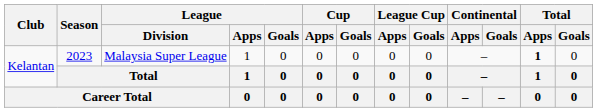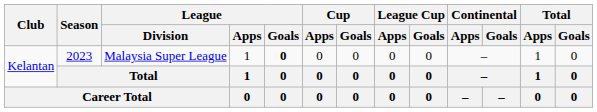 <table class=wikitable style="text-align:center">
 <tr>
 <th rowspan=2>Club</th>
 <th rowspan=2>Season</th>
 <th colspan=3>League</th>
 <th colspan=2>Cup</th>
 <th colspan=2>League Cup</th>
 <th colspan=2>Continental</th>
 <th colspan=2>Total</th>
 </tr>
 <tr>
 <th>Division</th>
 <th>Apps</th>
 <th>Goals</th>
 <th>Apps</th>
 <th>Goals</th>
 <th>Apps</th>
 <th>Goals</th>
 <th>Apps</th>
 <th>Goals</th>
 <th>Apps</th>
 <th>Goals</th>
 </tr>
 <tr>
 <td rowspan="2"><a href='#'>Kelantan</a></td>
 <td><a href='#'>2023</a></td>
 <td><a href='#'>Malaysia Super League</a></td>
 <td>1</td>
-<td>0</td>
+<td><strong>0</strong></td>
 <td>0</td>
 <td>0</td>
 <td>0</td>
 <td>0</td>
 <td colspan=2>–</td>
-<td><strong>1</strong></td>
+<td>1</td>
 <td>0</td>
 </tr>
 <tr>
 <th colspan="2">Total</th>
 <th>1</th>
 <th>0</th>
 <th>0</th>
 <th>0</th>
 <th>0</th>
 <th>0</th>
 <th colspan=2>–</th>
 <th>1</th>
 <th>0</th>
 </tr>
 <tr>
 <th colspan="3">Career Total</th>
 <th>0</th>
 <th>0</th>
 <th>0</th>
 <th>0</th>
 <th>0</th>
 <th>0</th>
 <th>–</th>
 <th>–</th>
 <th>0</th>
 <th>0</th>
 </tr>
 </table>
